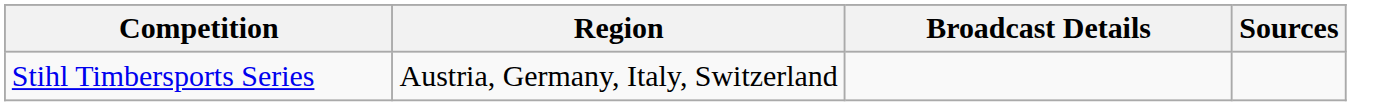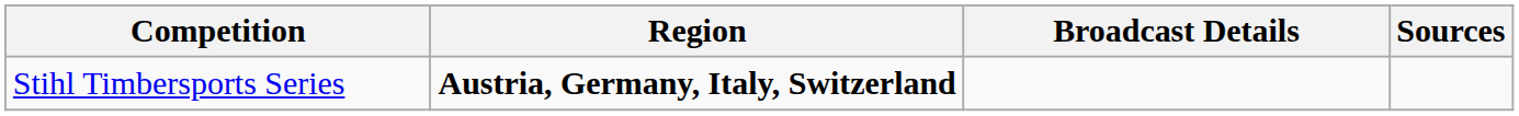 <table class="wikitable">
 <tr>
 <th width="200">Competition</th>
 <th>Region</th>
 <th width="200">Broadcast Details</th>
 <th>Sources</th>
 </tr>
 <tr>
 <td><a href='#'>Stihl Timbersports Series</a></td>
-<td>Austria, Germany, Italy, Switzerland</td>
+<td><strong>Austria, Germany, Italy, Switzerland</strong></td>
 <td></td>
 </tr>
 </table>
